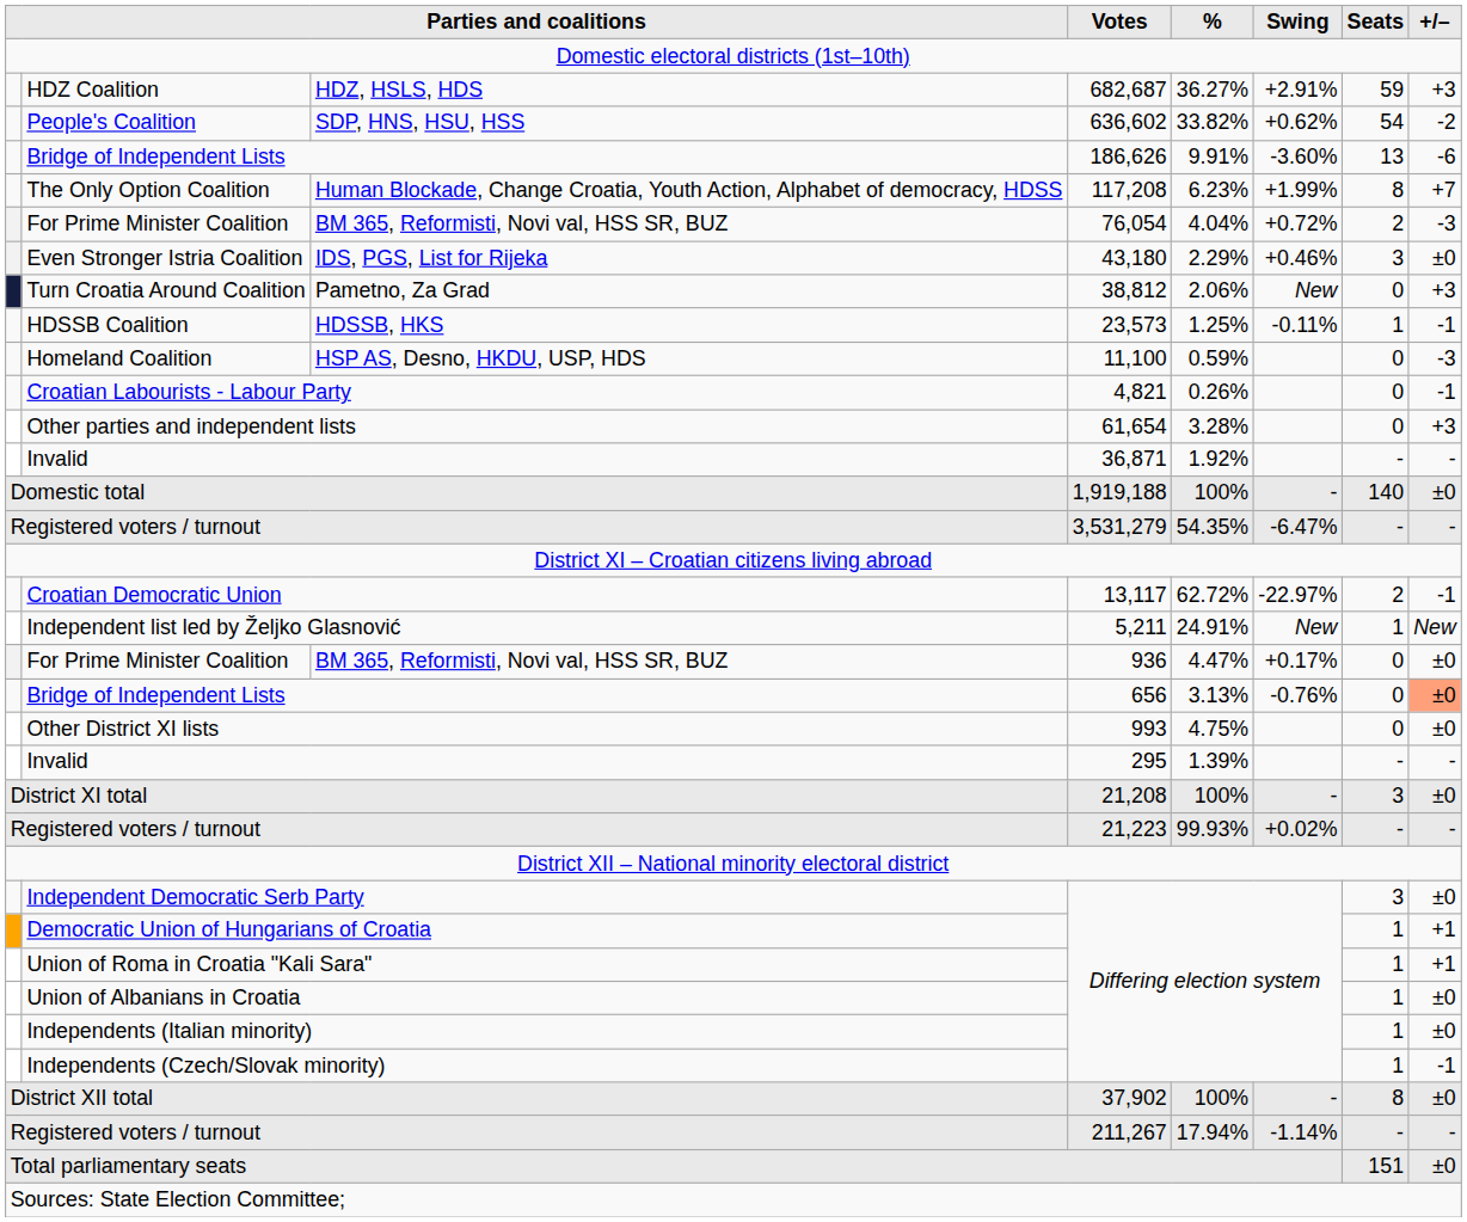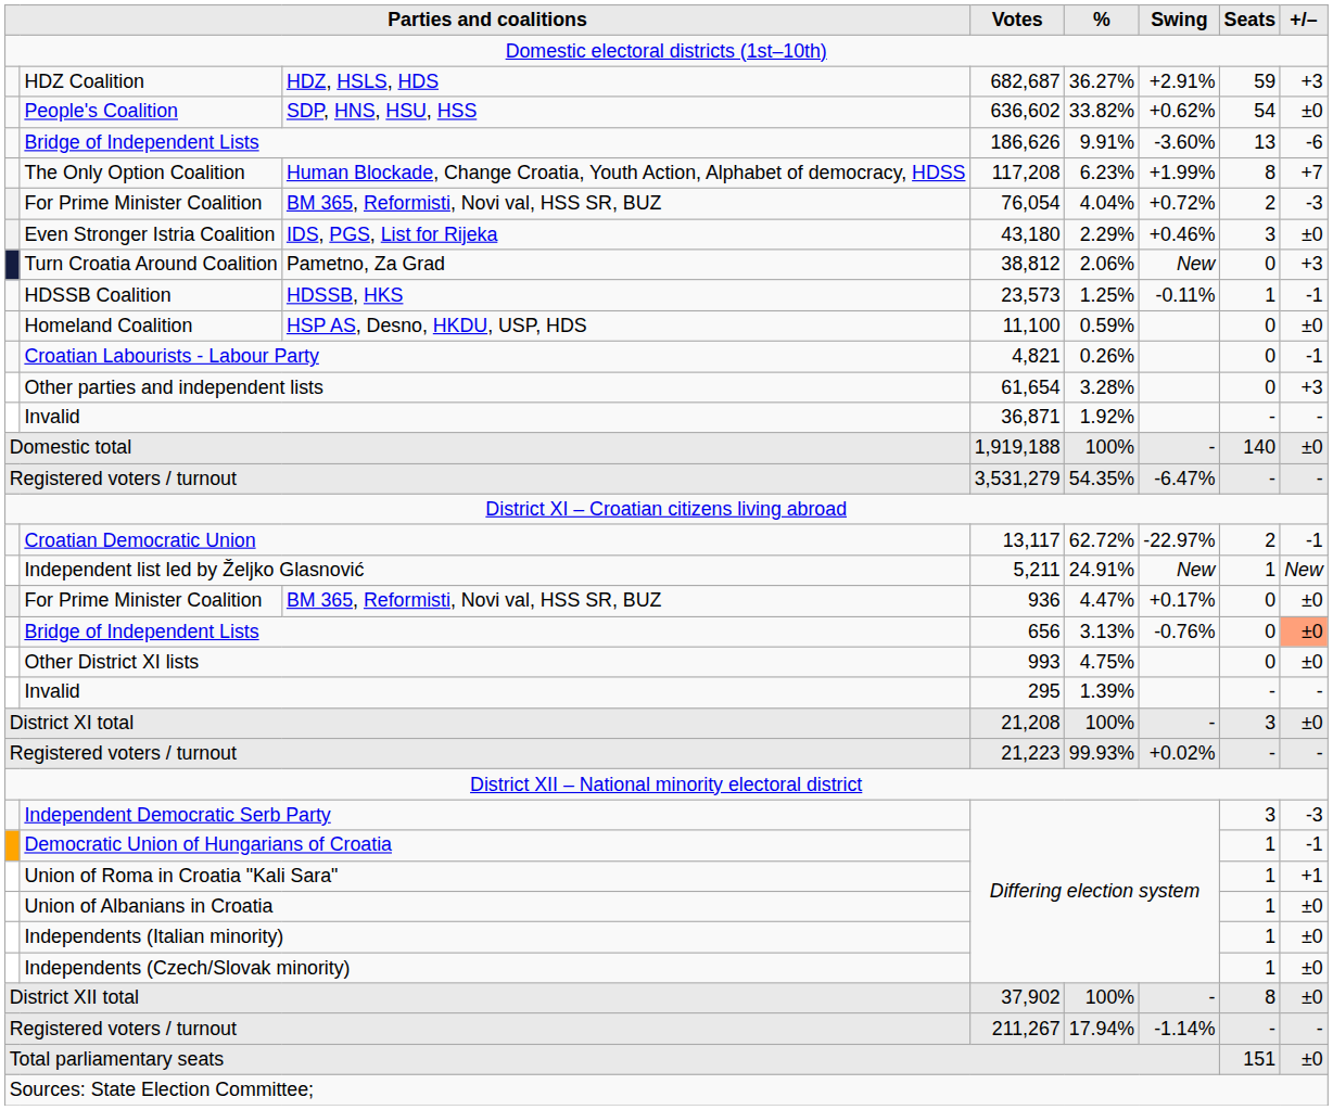 <table class=wikitable>
 <tr>
 <th style="background-color:#E9E9E9" colspan=3>Parties and coalitions</th>
 <th style="background-color:#E9E9E9">Votes</th>
 <th style="background-color:#E9E9E9">%</th>
 <th style="background-color:#E9E9E9">Swing</th>
 <th style="background-color:#E9E9E9">Seats</th>
 <th style="background-color:#E9E9E9">+/–</th>
 </tr>
 <tr>
 <td colspan="9" style="text-align:center;"><a href='#'>Domestic electoral districts (1st–10th)</a></td>
 </tr>
 <tr>
 <td width=5px style="background-color:"></td>
 <td style="text-align:left;">HDZ Coalition</td>
 <td style="text-align:left;"><a href='#'>HDZ</a>, <a href='#'>HSLS</a>, <a href='#'>HDS</a></td>
 <td style="text-align:right">682,687</td>
 <td style="text-align:right">36.27%</td>
 <td style="text-align:right">+2.91%</td>
 <td style="text-align:right">59</td>
 <td style="text-align:right">+3</td>
 </tr>
 <tr>
 <td style="background-color:"></td>
 <td style="text-align:left;"><a href='#'>People's Coalition</a></td>
 <td style="text-align:left;"><a href='#'>SDP</a>, <a href='#'>HNS</a>, <a href='#'>HSU</a>, <a href='#'>HSS</a></td>
 <td style="text-align:right">636,602</td>
 <td style="text-align:right">33.82%</td>
 <td style="text-align:right">+0.62%</td>
 <td style="text-align:right;">54</td>
-<td style="text-align:right;">-2</td>
+<td style="text-align:right;">±0</td>
 </tr>
 <tr>
 <td style="background-color:"></td>
 <td style="text-align:left;" colspan=2><a href='#'>Bridge of Independent Lists</a></td>
 <td style="text-align:right">186,626</td>
 <td style="text-align:right">9.91%</td>
 <td style="text-align:right">-3.60%</td>
 <td style="text-align:right">13</td>
 <td style="text-align:right">-6</td>
 </tr>
 <tr>
 <td style="background-color:"></td>
 <td style="text-align:left;">The Only Option Coalition</td>
 <td style="text-align:left;"><a href='#'>Human Blockade</a>, Change Croatia, Youth Action, Alphabet of democracy, <a href='#'>HDSS</a></td>
 <td style="text-align:right">117,208</td>
 <td style="text-align:right">6.23%</td>
 <td style="text-align:right">+1.99%</td>
 <td style="text-align:right;">8</td>
 <td style="text-align:right;">+7</td>
 </tr>
 <tr>
 <th style="background-color: "></th>
 <td style="text-align:left;">For Prime Minister Coalition</td>
 <td style="text-align:left;"><a href='#'>BM 365</a>, <a href='#'>Reformisti</a>, Novi val, HSS SR, BUZ</td>
 <td style="text-align:right">76,054</td>
 <td style="text-align:right">4.04%</td>
 <td style="text-align:right">+0.72%</td>
 <td style="text-align:right;">2</td>
 <td style="text-align:right;">-3</td>
 </tr>
 <tr>
 <th style="background-color: "></th>
 <td style="text-align:left;">Even Stronger Istria Coalition</td>
 <td style="text-align:left;"><a href='#'>IDS</a>, <a href='#'>PGS</a>, <a href='#'>List for Rijeka</a></td>
 <td style="text-align:right;">43,180</td>
 <td style="text-align:right;">2.29%</td>
 <td style="text-align:right;">+0.46%</td>
 <td style="text-align:right;">3</td>
 <td style="text-align:right;">±0</td>
 </tr>
 <tr>
 <th style="background:#141c40;"></th>
 <td style="text-align:left;">Turn Croatia Around Coalition</td>
 <td style="text-align:left;">Pametno, Za Grad</td>
 <td style="text-align:right;">38,812</td>
 <td style="text-align:right;">2.06%</td>
 <td style="text-align:right;"><em>New</em></td>
 <td style="text-align:right;">0</td>
 <td style="text-align:right">+3</td>
 </tr>
 <tr>
 <td style="background-color:"></td>
 <td style="text-align:left;">HDSSB Coalition</td>
 <td style="text-align:left;"><a href='#'>HDSSB</a>, <a href='#'>HKS</a></td>
 <td style="text-align:right">23,573</td>
 <td style="text-align:right">1.25%</td>
 <td style="text-align:right">-0.11%</td>
 <td style="text-align:right;">1</td>
 <td style="text-align:right;">-1</td>
 </tr>
 <tr>
 <td style="background-color:"></td>
 <td style="text-align:left;">Homeland Coalition</td>
 <td style="text-align:left;"><a href='#'>HSP AS</a>, Desno, <a href='#'>HKDU</a>, USP, HDS</td>
 <td style="text-align:right">11,100</td>
 <td style="text-align:right">0.59%</td>
 <td style="text-align:right"></td>
 <td style="text-align:right;">0</td>
-<td style="text-align:right;">-3</td>
+<td style="text-align:right;">±0</td>
 </tr>
 <tr>
 <td style="background-color:"></td>
 <td style="text-align:left;" colspan=2><a href='#'>Croatian Labourists - Labour Party</a></td>
 <td style="text-align:right">4,821</td>
 <td style="text-align:right">0.26%</td>
 <td style="text-align:right"></td>
 <td style="text-align:right">0</td>
 <td style="text-align:right">-1</td>
 </tr>
 <tr>
 <td style="background-color: white"></td>
 <td style="text-align:left;" colspan=2>Other parties and independent lists</td>
 <td style="text-align:right;">61,654</td>
 <td style="text-align:right;">3.28%</td>
 <td style="text-align:right;"></td>
 <td style="text-align:right;">0</td>
 <td style="text-align:right">+3</td>
 </tr>
 <tr>
 <td style="background-color: white"></td>
 <td style="text-align:left;" colspan=2>Invalid</td>
 <td style="text-align:right;">36,871</td>
 <td style="text-align:right;">1.92%</td>
 <td style="text-align:right;"></td>
 <td style="text-align:right;">-</td>
 <td style="text-align:right;">-</td>
 </tr>
 <tr>
 <td colspan="3" style="text-align:left;background-color:#E9E9E9">Domestic total</td>
 <td style="text-align:right;background-color:#E9E9E9">1,919,188</td>
 <td style="text-align:right;background-color:#E9E9E9">100%</td>
 <td style="text-align:right;background-color:#E9E9E9">-</td>
 <td style="text-align:right;background-color:#E9E9E9">140</td>
 <td style="text-align:right;background-color:#E9E9E9">±0</td>
 </tr>
 <tr>
 <td colspan="3" style="text-align:left;background-color:#E9E9E9">Registered voters / turnout</td>
 <td style="text-align:right;background-color:#E9E9E9">3,531,279</td>
 <td style="text-align:right;background-color:#E9E9E9">54.35%</td>
 <td style="text-align:right;background-color:#E9E9E9">-6.47%</td>
 <td style="text-align:right;background-color:#E9E9E9">-</td>
 <td style="text-align:right;background-color:#E9E9E9">-</td>
 </tr>
 <tr>
 <td colspan="9" style="text-align:center;"><a href='#'>District XI – Croatian citizens living abroad</a></td>
 </tr>
 <tr>
 <td width=5px style="background-color:"></td>
 <td colspan="2" style="text-align:left;"><a href='#'>Croatian Democratic Union</a></td>
 <td style="text-align:right">13,117</td>
 <td style="text-align:right">62.72%</td>
 <td style="text-align:right">-22.97%</td>
 <td style="text-align:right;">2</td>
 <td style="text-align:right;">-1</td>
 </tr>
 <tr>
 <td style="background-color:white"></td>
 <td colspan="2" style="text-align:left;">Independent list led by Željko Glasnović</td>
 <td style="text-align:right">5,211</td>
 <td style="text-align:right">24.91%</td>
 <td style="text-align:right"><em>New</em></td>
 <td style="text-align:right;">1</td>
 <td style="text-align:right;"><em>New</em></td>
 </tr>
 <tr>
 <th style="background-color: "></th>
 <td style="text-align:left;">For Prime Minister Coalition</td>
 <td style="text-align:left;"><a href='#'>BM 365</a>, <a href='#'>Reformisti</a>, Novi val, HSS SR, BUZ</td>
 <td style="text-align:right">936</td>
 <td style="text-align:right">4.47%</td>
 <td style="text-align:right">+0.17%</td>
 <td style="text-align:right;">0</td>
 <td style="text-align:right;">±0</td>
 </tr>
 <tr>
 <td style="background-color:"></td>
 <td style="text-align:left;" colspan=2><a href='#'>Bridge of Independent Lists</a></td>
 <td style="text-align:right">656</td>
 <td style="text-align:right">3.13%</td>
 <td style="text-align:right">-0.76%</td>
 <td style="text-align:right">0</td>
 <td style="background: lightsalmon; text-align:right">±0</td>
 </tr>
 <tr>
 <td style="background-color: white"></td>
 <td style="text-align:left;" colspan="2">Other District XI lists</td>
 <td style="text-align:right">993</td>
 <td style="text-align:right">4.75%</td>
 <td style="text-align:right"></td>
 <td style="text-align:right">0</td>
 <td style="text-align:right">±0</td>
 </tr>
 <tr>
 <td style="background-color: white"></td>
 <td style="text-align:left;" colspan=2>Invalid</td>
 <td style="text-align:right;">295</td>
 <td style="text-align:right;">1.39%</td>
 <td style="text-align:right;"></td>
 <td style="text-align:right;">-</td>
 <td style="text-align:right;">-</td>
 </tr>
 <tr>
 <td colspan="3" style="text-align:left;background-color:#E9E9E9">District XI total</td>
 <td style="text-align:right;background-color:#E9E9E9">21,208</td>
 <td style="text-align:right;background-color:#E9E9E9">100%</td>
 <td style="text-align:right;background-color:#E9E9E9">-</td>
 <td style="text-align:right;background-color:#E9E9E9">3</td>
 <td style="text-align:right;background-color:#E9E9E9">±0</td>
 </tr>
 <tr>
 <td colspan="3" style="text-align:left;background-color:#E9E9E9">Registered voters / turnout</td>
 <td style="text-align:right;background-color:#E9E9E9">21,223</td>
 <td style="text-align:right;background-color:#E9E9E9">99.93%</td>
 <td style="text-align:right;background-color:#E9E9E9">+0.02%</td>
 <td style="text-align:right;background-color:#E9E9E9">-</td>
 <td style="text-align:right;background-color:#E9E9E9">-</td>
 </tr>
 <tr>
 <td colspan="9" style="text-align:center;"><a href='#'>District XII – National minority electoral district</a></td>
 </tr>
 <tr>
 <td style="background-color:"></td>
 <td style="text-align:left;" colspan=2><a href='#'>Independent Democratic Serb Party</a></td>
 <td colspan=3 rowspan=6 style="text-align:center;"><em>Differing election system</em></td>
 <td style="text-align:right;">3</td>
-<td style="text-align:right;">±0</td>
+<td style="text-align:right;">-3</td>
 </tr>
 <tr>
 <td style="background-color:orange"></td>
 <td style="text-align:left;" colspan=2><a href='#'>Democratic Union of Hungarians of Croatia</a></td>
 <td style="text-align:right;">1</td>
-<td style="text-align:right;">+1</td>
+<td style="text-align:right;">-1</td>
 </tr>
 <tr>
 <td style="background-color:white"></td>
 <td style="text-align:left;" colspan=2>Union of Roma in Croatia "Kali Sara"</td>
 <td style="text-align:right;">1</td>
 <td style="text-align:right;">+1</td>
 </tr>
 <tr>
 <td style="background-color:white"></td>
 <td style="text-align:left;" colspan=2>Union of Albanians in Croatia</td>
 <td style="text-align:right;">1</td>
 <td style="text-align:right;">±0</td>
 </tr>
 <tr>
 <td style="background-color:white"></td>
 <td style="text-align:left;" colspan=2>Independents (Italian minority)</td>
 <td style="text-align:right;">1</td>
 <td style="text-align:right;">±0</td>
 </tr>
 <tr>
 <td style="background-color:white"></td>
 <td style="text-align:left;" colspan=2>Independents (Czech/Slovak minority)</td>
 <td style="text-align:right;">1</td>
-<td style="text-align:right">-1</td>
+<td style="text-align:right;">±0</td>
 </tr>
 <tr>
 <td colspan="3" style="text-align:left;background-color:#E9E9E9">District XII total</td>
 <td style="text-align:right;background-color:#E9E9E9">37,902</td>
 <td style="text-align:right;background-color:#E9E9E9">100%</td>
 <td style="text-align:right;background-color:#E9E9E9">-</td>
 <td style="text-align:right;background-color:#E9E9E9">8</td>
 <td style="text-align:right;background-color:#E9E9E9">±0</td>
 </tr>
 <tr>
 <td colspan="3" style="text-align:left;background-color:#E9E9E9">Registered voters / turnout</td>
 <td style="text-align:right;background-color:#E9E9E9">211,267</td>
 <td style="text-align:right;background-color:#E9E9E9">17.94%</td>
 <td style="text-align:right;background-color:#E9E9E9">-1.14%</td>
 <td style="text-align:right;background-color:#E9E9E9">-</td>
 <td style="text-align:right;background-color:#E9E9E9">-</td>
 </tr>
 <tr>
 <td colspan="6" style="text-align:left;background-color:#E9E9E9">Total parliamentary seats</td>
 <td width="30" style="text-align:right;background-color:#E9E9E9">151</td>
 <td width="30" style="text-align:right;background-color:#E9E9E9">±0</td>
 </tr>
 <tr>
 <td style="text-align:left;" colspan="9">Sources: State Election Committee;</td>
 </tr>
 </table>
